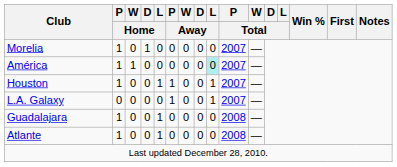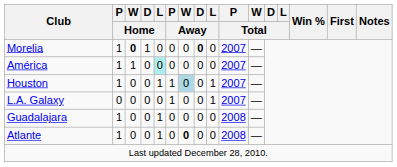 <table class="wikitable sortable" style="text-align:center;">
 <tr>
 <th style="width:150px;" rowspan="2">Club</th>
 <th>P</th>
 <th>W</th>
 <th>D</th>
 <th>L</th>
 <th>P</th>
 <th>W</th>
 <th>D</th>
 <th>L</th>
 <th>P</th>
 <th>W</th>
 <th>D</th>
 <th>L</th>
 <th rowspan="2">Win %</th>
 <th rowspan="2">First</th>
 <th class="unsortable" rowspan="2">Notes</th>
 </tr>
 <tr class="unsortable">
 <th colspan="4">Home</th>
 <th colspan="4">Away</th>
 <th colspan="4">Total</th>
 </tr>
 <tr>
 <td align="left"> <a href='#'>Morelia</a></td>
 <td>1</td>
-<td>0</td>
+<td><strong>0</strong></td>
 <td>1</td>
 <td>0</td>
 <td>0</td>
 <td>0</td>
-<td>0</td>
+<td><strong>0</strong></td>
 <td>0<br></td>
 <td><a href='#'>2007</a></td>
 <td>—</td>
 </tr>
 <tr>
 <td align="left"> <a href='#'>América</a></td>
 <td>1</td>
 <td>1</td>
 <td>0</td>
+<td style="background: paleturquoise;">0</td>
 <td>0</td>
 <td>0</td>
 <td>0</td>
-<td>0</td>
-<td style="background: paleturquoise;">0<br></td>
+<td>0<br></td>
 <td><a href='#'>2007</a></td>
 <td>—</td>
 </tr>
 <tr>
 <td align="left"> <a href='#'>Houston</a></td>
 <td>1</td>
 <td>0</td>
 <td>0</td>
 <td>1</td>
 <td>1</td>
-<td>0</td>
+<td style="background: lightblue;">0</td>
 <td>0</td>
 <td>1<br></td>
 <td><a href='#'>2007</a></td>
 <td>—</td>
 </tr>
 <tr>
 <td align="left"> <a href='#'>L.A. Galaxy</a></td>
 <td>0</td>
 <td>0</td>
 <td>0</td>
 <td>0</td>
 <td>1</td>
 <td>0</td>
 <td>0</td>
 <td>1<br></td>
 <td><a href='#'>2007</a></td>
 <td>—</td>
 </tr>
 <tr>
 <td align="left"> <a href='#'>Guadalajara</a></td>
 <td>1</td>
 <td>0</td>
 <td>0</td>
 <td>1</td>
 <td>0</td>
 <td>0</td>
 <td>0</td>
 <td>0<br></td>
 <td><a href='#'>2008</a></td>
 <td>—</td>
 </tr>
 <tr>
 <td align="left"> <a href='#'>Atlante</a></td>
 <td>1</td>
 <td>0</td>
 <td>0</td>
 <td>1</td>
 <td>0</td>
-<td>0</td>
+<td><strong>0</strong></td>
 <td>0</td>
 <td>0<br></td>
 <td><a href='#'>2008</a></td>
 <td>—</td>
 </tr>
 <tr>
 <td class="unsortable" colspan="16"><small>Last updated December 28, 2010.</small></td>
 </tr>
 </table>
